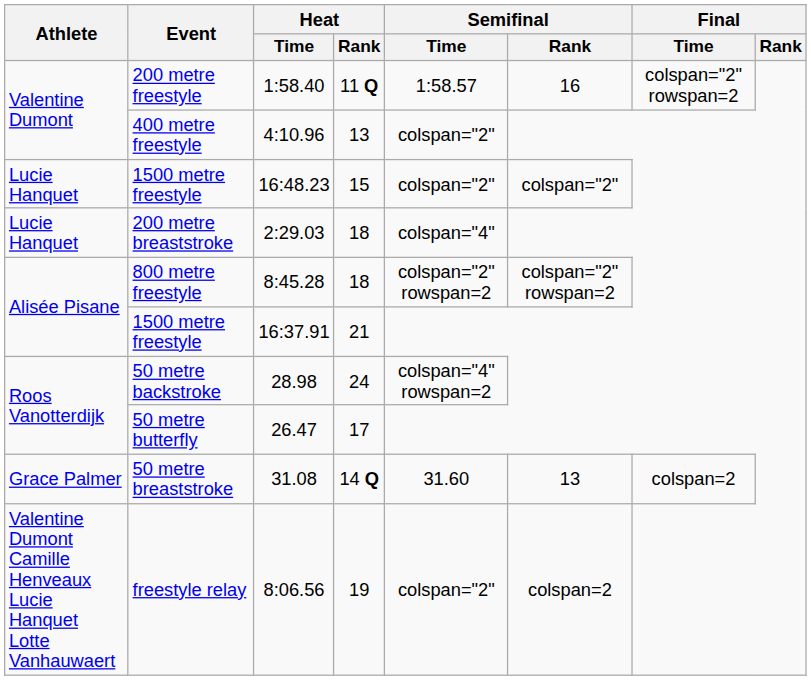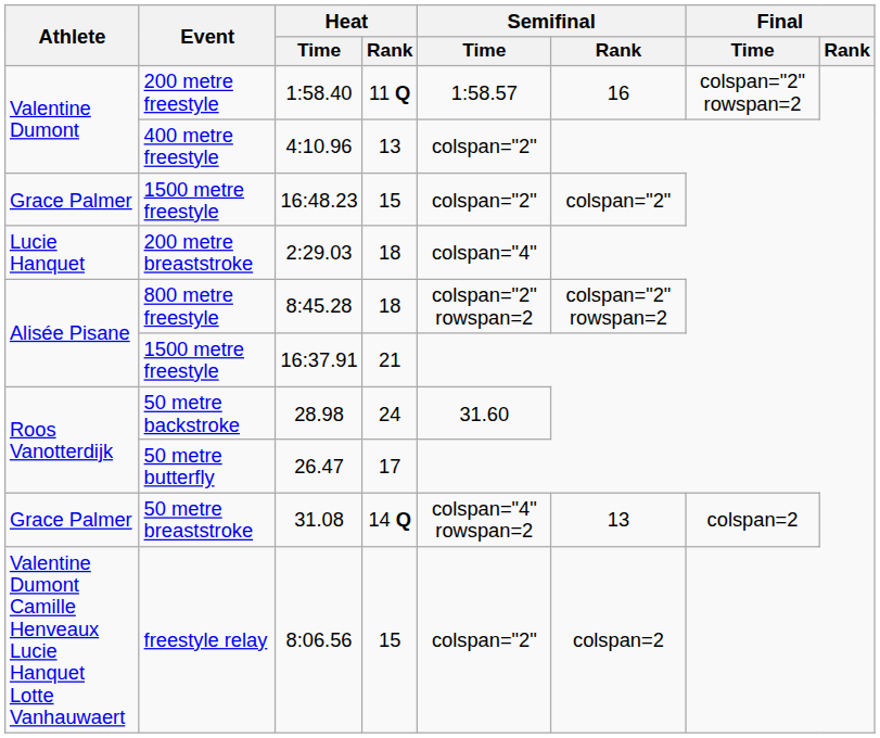 <table class="wikitable" style="text-align:center; font-size:90%; width:50%;">
 <tr>
 <th rowspan="2">Athlete</th>
 <th rowspan="2">Event</th>
 <th colspan="2">Heat</th>
 <th colspan="2">Semifinal</th>
 <th colspan="2">Final</th>
 </tr>
 <tr style="font-size:95%">
 <th>Time</th>
 <th>Rank</th>
 <th>Time</th>
 <th>Rank</th>
 <th>Time</th>
 <th>Rank</th>
 </tr>
 <tr>
 <td align=left rowspan=2><a href='#'>Valentine Dumont</a></td>
 <td align=left><a href='#'>200 metre freestyle</a></td>
 <td>1:58.40</td>
 <td>11 <strong>Q</strong></td>
 <td>1:58.57</td>
 <td>16</td>
 <td>colspan="2" rowspan=2 </td>
 </tr>
 <tr>
 <td align=left><a href='#'>400 metre freestyle</a></td>
 <td>4:10.96</td>
 <td>13</td>
 <td>colspan="2" </td>
 </tr>
 <tr align=center>
-<td align=left><a href='#'>Lucie Hanquet</a></td>
+<td align=left><a href='#'>Grace Palmer</a></td>
 <td align=left><a href='#'>1500 metre freestyle</a></td>
 <td>16:48.23</td>
 <td>15</td>
 <td>colspan="2" </td>
 <td>colspan="2" </td>
 </tr>
 <tr>
 <td align=left><a href='#'>Lucie Hanquet</a></td>
 <td align=left><a href='#'>200 metre breaststroke</a></td>
 <td>2:29.03</td>
 <td>18</td>
 <td>colspan="4" </td>
 </tr>
 <tr>
 <td align=left rowspan=2><a href='#'>Alisée Pisane</a></td>
 <td align=left><a href='#'>800 metre freestyle</a></td>
 <td>8:45.28</td>
 <td>18</td>
 <td>colspan="2" rowspan=2 </td>
 <td>colspan="2" rowspan=2 </td>
 </tr>
 <tr>
 <td align=left><a href='#'>1500 metre freestyle</a></td>
 <td>16:37.91</td>
 <td>21</td>
 </tr>
 <tr>
 <td align=left rowspan=2><a href='#'>Roos Vanotterdijk</a></td>
 <td align=left><a href='#'>50 metre backstroke</a></td>
 <td>28.98</td>
 <td>24</td>
-<td>colspan="4" rowspan=2 </td>
+<td>31.60</td>
 </tr>
 <tr>
 <td align=left><a href='#'>50 metre butterfly</a></td>
 <td>26.47</td>
 <td>17</td>
 </tr>
 <tr>
 <td align=left><a href='#'>Grace Palmer</a></td>
 <td align=left><a href='#'>50 metre breaststroke</a></td>
 <td>31.08</td>
 <td>14 <strong>Q</strong></td>
-<td>31.60</td>
+<td>colspan="4" rowspan=2 </td>
 <td>13</td>
 <td>colspan=2 </td>
 </tr>
 <tr>
 <td align=left><a href='#'>Valentine Dumont</a><br><a href='#'>Camille Henveaux</a><br><a href='#'>Lucie Hanquet</a><br><a href='#'>Lotte Vanhauwaert</a></td>
 <td align=left><a href='#'> freestyle relay</a></td>
 <td>8:06.56</td>
-<td>19</td>
+<td>15</td>
 <td>colspan="2"  </td>
 <td>colspan=2 </td>
 </tr>
 </table>
